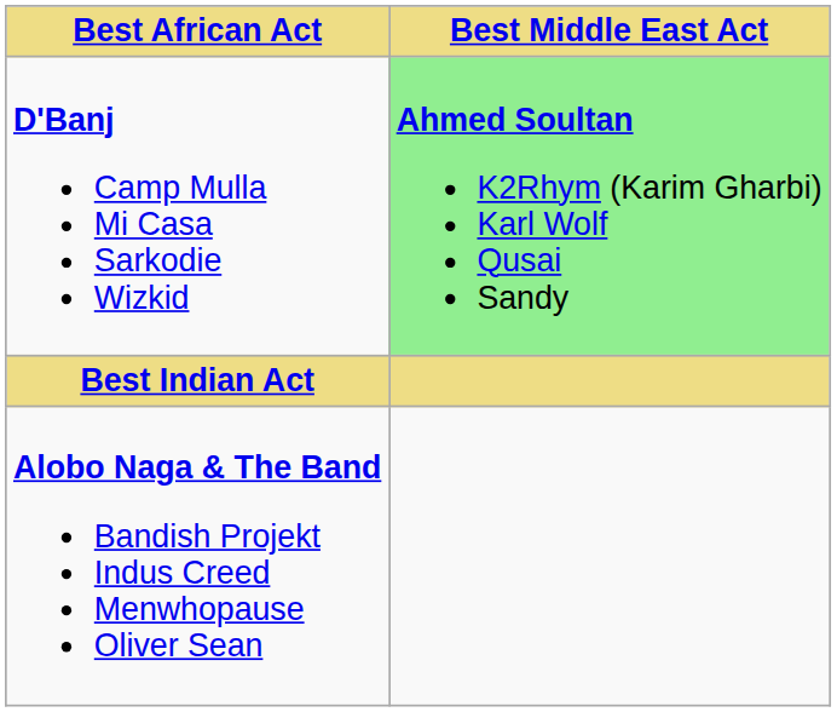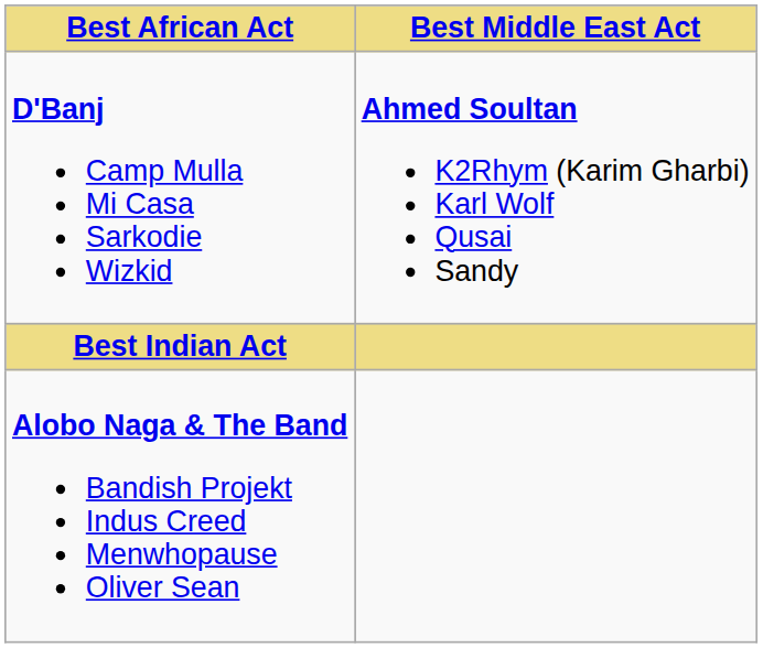 <table class=wikitable style="width=100%">
 <tr>
 <th style="background:#EEDD85; width=50%"><a href='#'>Best African Act</a></th>
 <th style="background:#EEDD85; width=50%"><a href='#'>Best Middle East Act</a></th>
 </tr>
 <tr>
 <td valign="top"><br><strong><a href='#'>D'Banj</a></strong><ul><li><a href='#'>Camp Mulla</a></li><li><a href='#'>Mi Casa</a></li><li><a href='#'>Sarkodie</a></li><li><a href='#'>Wizkid</a></li></ul></td>
-<td valign="top" style="background: lightgreen;"><br><strong><a href='#'>Ahmed Soultan</a></strong><ul><li><a href='#'>K2Rhym</a> (Karim Gharbi)</li><li><a href='#'>Karl Wolf</a></li><li><a href='#'>Qusai</a></li><li>Sandy</li></ul></td>
+<td valign="top"><br><strong><a href='#'>Ahmed Soultan</a></strong><ul><li><a href='#'>K2Rhym</a> (Karim Gharbi)</li><li><a href='#'>Karl Wolf</a></li><li><a href='#'>Qusai</a></li><li>Sandy</li></ul></td>
 </tr>
 <tr>
 <th style="background:#EEDD85; width=50%"><a href='#'>Best Indian Act</a></th>
 <th style="background:#EEDD85; width=50%"></th>
 </tr>
 <tr>
 <td valign="top"><br><strong><a href='#'>Alobo Naga & The Band</a></strong><ul><li><a href='#'>Bandish Projekt</a></li><li><a href='#'>Indus Creed</a></li><li><a href='#'>Menwhopause</a></li><li><a href='#'>Oliver Sean</a></li></ul></td>
 <td valign="top"></td>
 </tr>
 </table>
